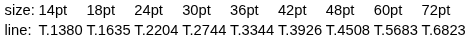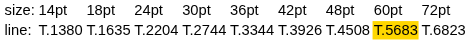 <table style="margin-left:40px;">
 <tr>
 <td>size:</td>
 <td>14pt</td>
 <td>18pt</td>
 <td>24pt</td>
 <td>30pt</td>
 <td>36pt</td>
 <td>42pt</td>
 <td>48pt</td>
 <td>60pt</td>
 <td>72pt</td>
 </tr>
 <tr>
 <td>line:</td>
 <td>T.1380</td>
 <td>T.1635</td>
 <td>T.2204</td>
 <td>T.2744</td>
 <td>T.3344</td>
 <td>T.3926</td>
 <td>T.4508</td>
-<td>T.5683</td>
+<td style="background: gold;">T.5683</td>
 <td>T.6823</td>
 </tr>
 </table>
